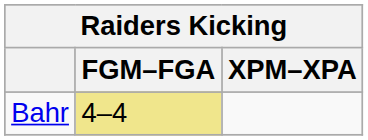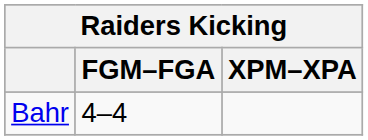 <table class="wikitable">
 <tr>
 <th colspan="3">Raiders Kicking</th>
 </tr>
 <tr>
 <th></th>
 <th>FGM–FGA</th>
 <th>XPM–XPA</th>
 </tr>
 <tr>
 <td><a href='#'>Bahr</a></td>
-<td style="background: khaki;">4–4</td>
+<td>4–4</td>
 <td></td>
 </tr>
 </table>
